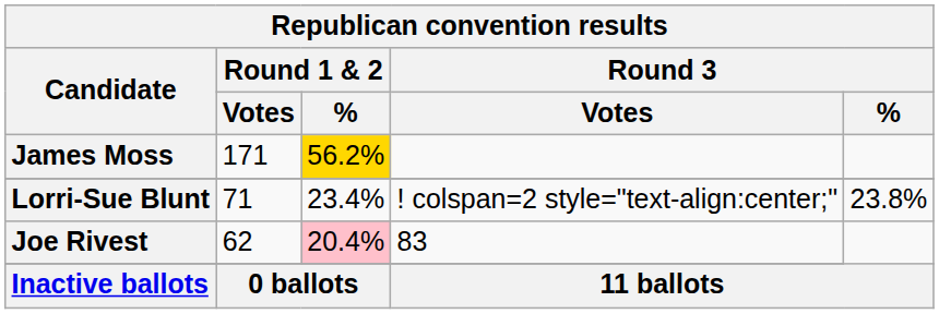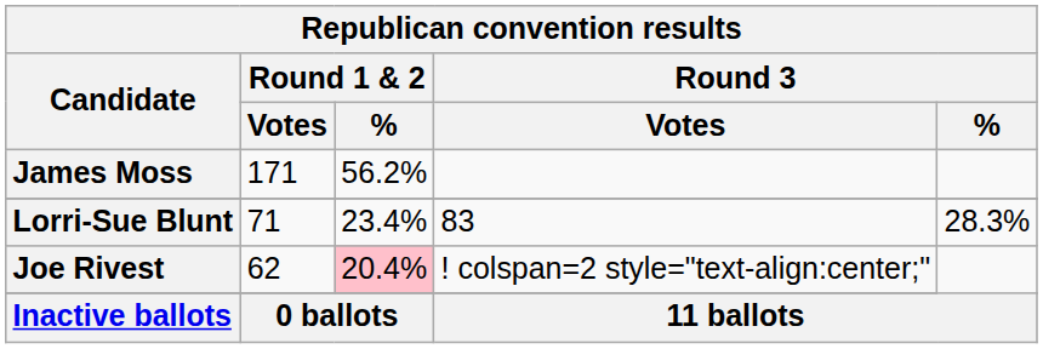 <table class="wikitable sortable">
 <tr>
 <th colspan="5">Republican convention results</th>
 </tr>
 <tr style="background:#eee; text-align:center;">
 <th rowspan="2" style="text-align:center;">Candidate</th>
 <th colspan="2" style="text-align:center;">Round 1 & 2</th>
 <th colspan="2" style="text-align:center;">Round 3</th>
 </tr>
 <tr>
 <th>Votes</th>
 <th>%</th>
 <th>Votes</th>
 <th>%</th>
 </tr>
 <tr>
 <th scope="row" style="text-align:left;">James Moss</th>
 <td>171</td>
-<td style="background: gold;">56.2%</td>
+<td>56.2%</td>
 <td></td>
 <td></td>
 </tr>
 <tr>
 </tr>
 <tr>
 <th scope="row" style="text-align:left;">Lorri-Sue Blunt</th>
 <td>71</td>
 <td>23.4%</td>
-<td>! colspan=2 style="text-align:center;" </td>
-<td>23.8%</td>
+<td>83</td>
+<td>28.3%</td>
 </tr>
 <tr>
 <th scope="row" style="text-align:left;">Joe Rivest</th>
 <td>62</td>
 <td style="background: pink;">20.4%</td>
-<td>83</td>
+<td>! colspan=2 style="text-align:center;" </td>
 </tr>
 <tr>
 </tr>
 <tr>
 </tr>
 <tr>
 </tr>
 <tr>
 <th scope="row" style="text-align:left;"><a href='#'>Inactive ballots</a></th>
 <th colspan="2">0 ballots</th>
 <th colspan="2">11 ballots</th>
 </tr>
 </table>
